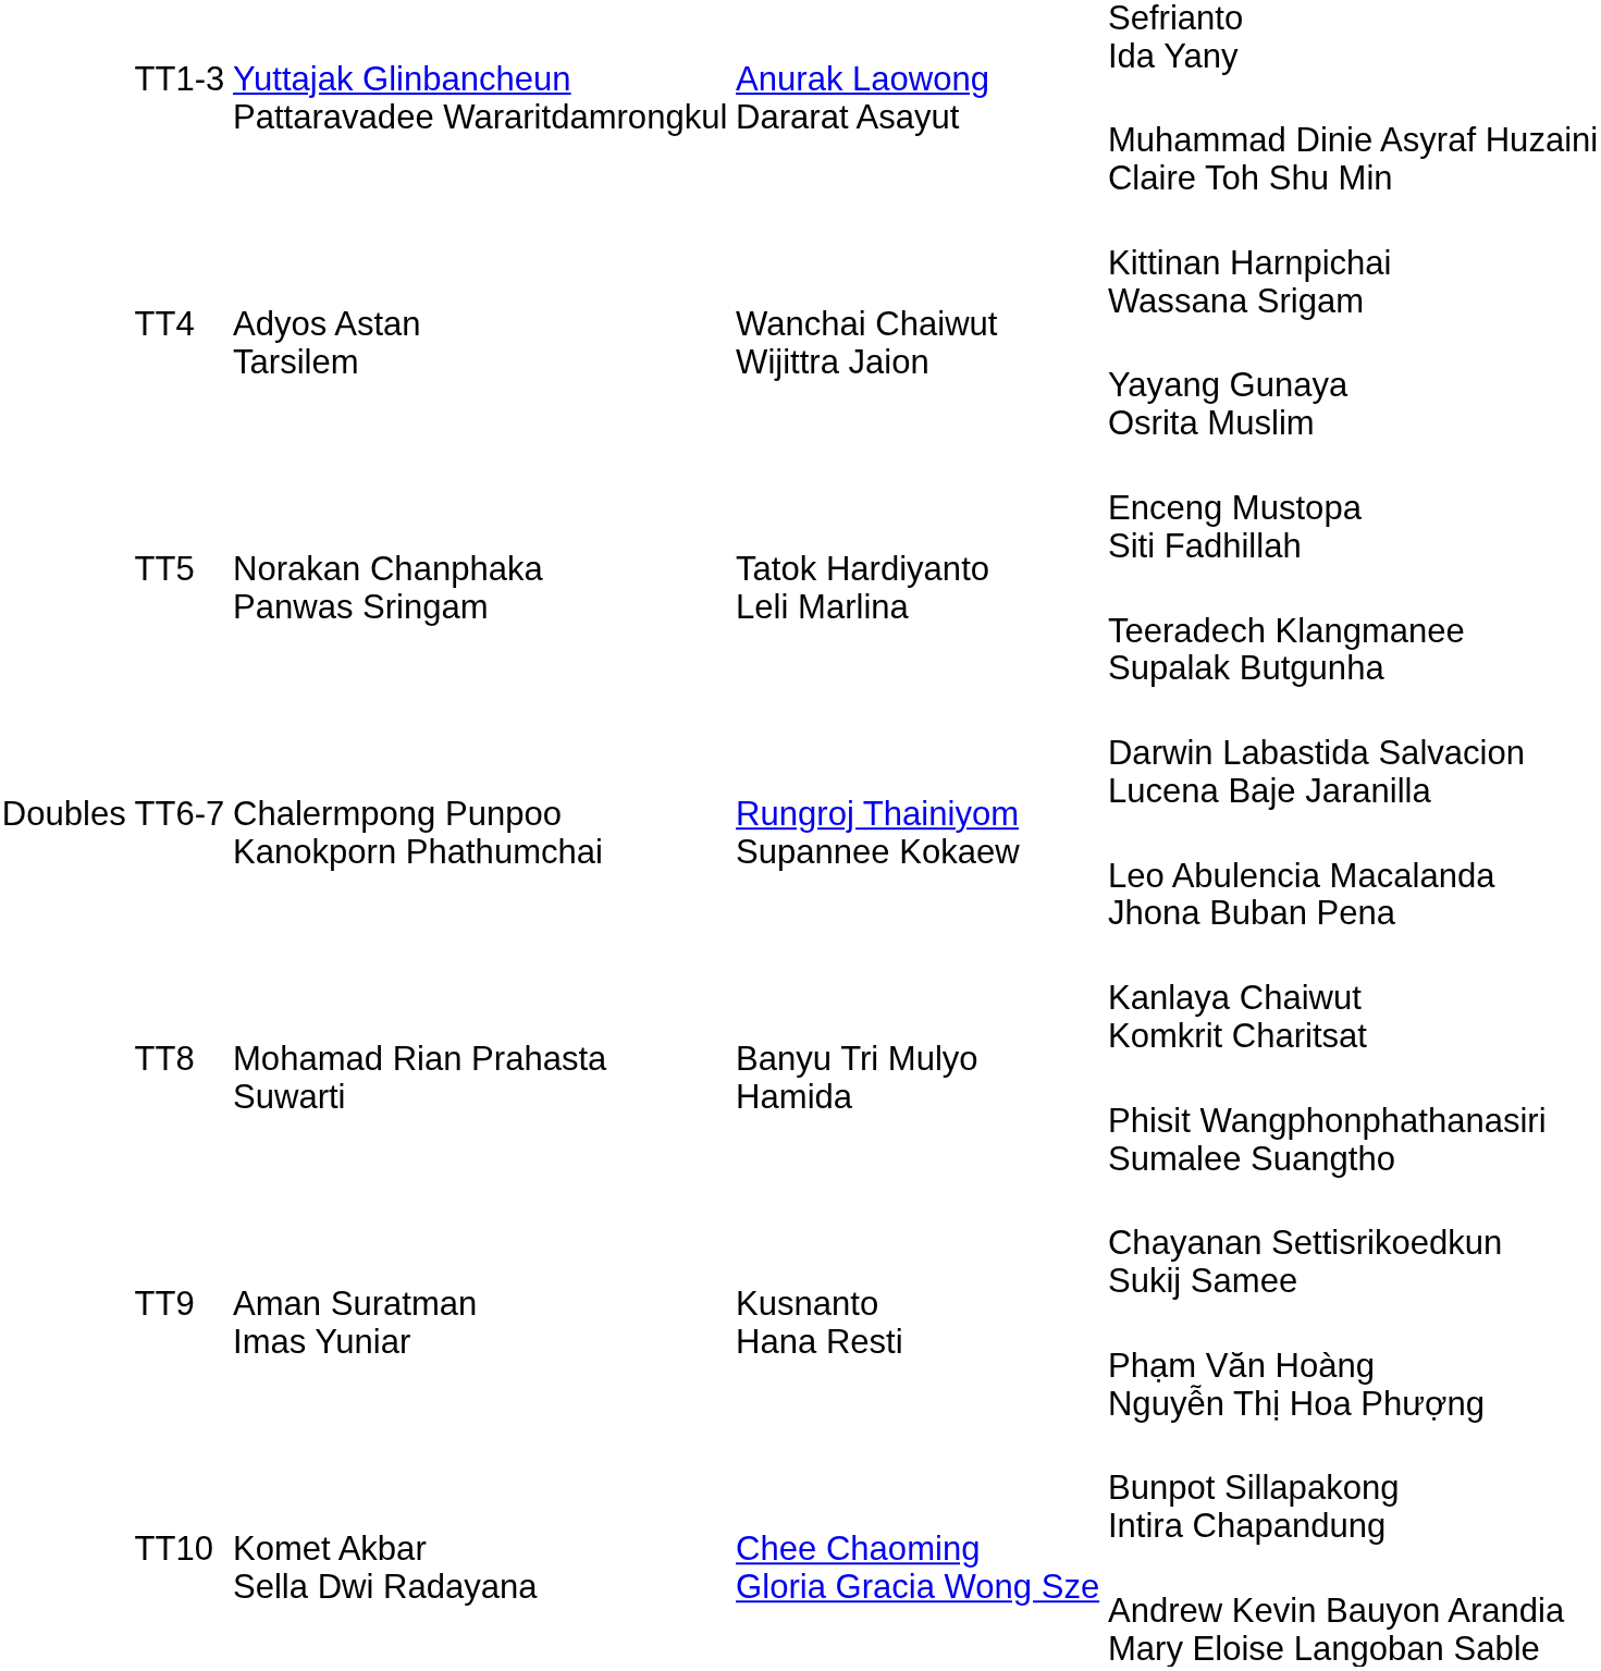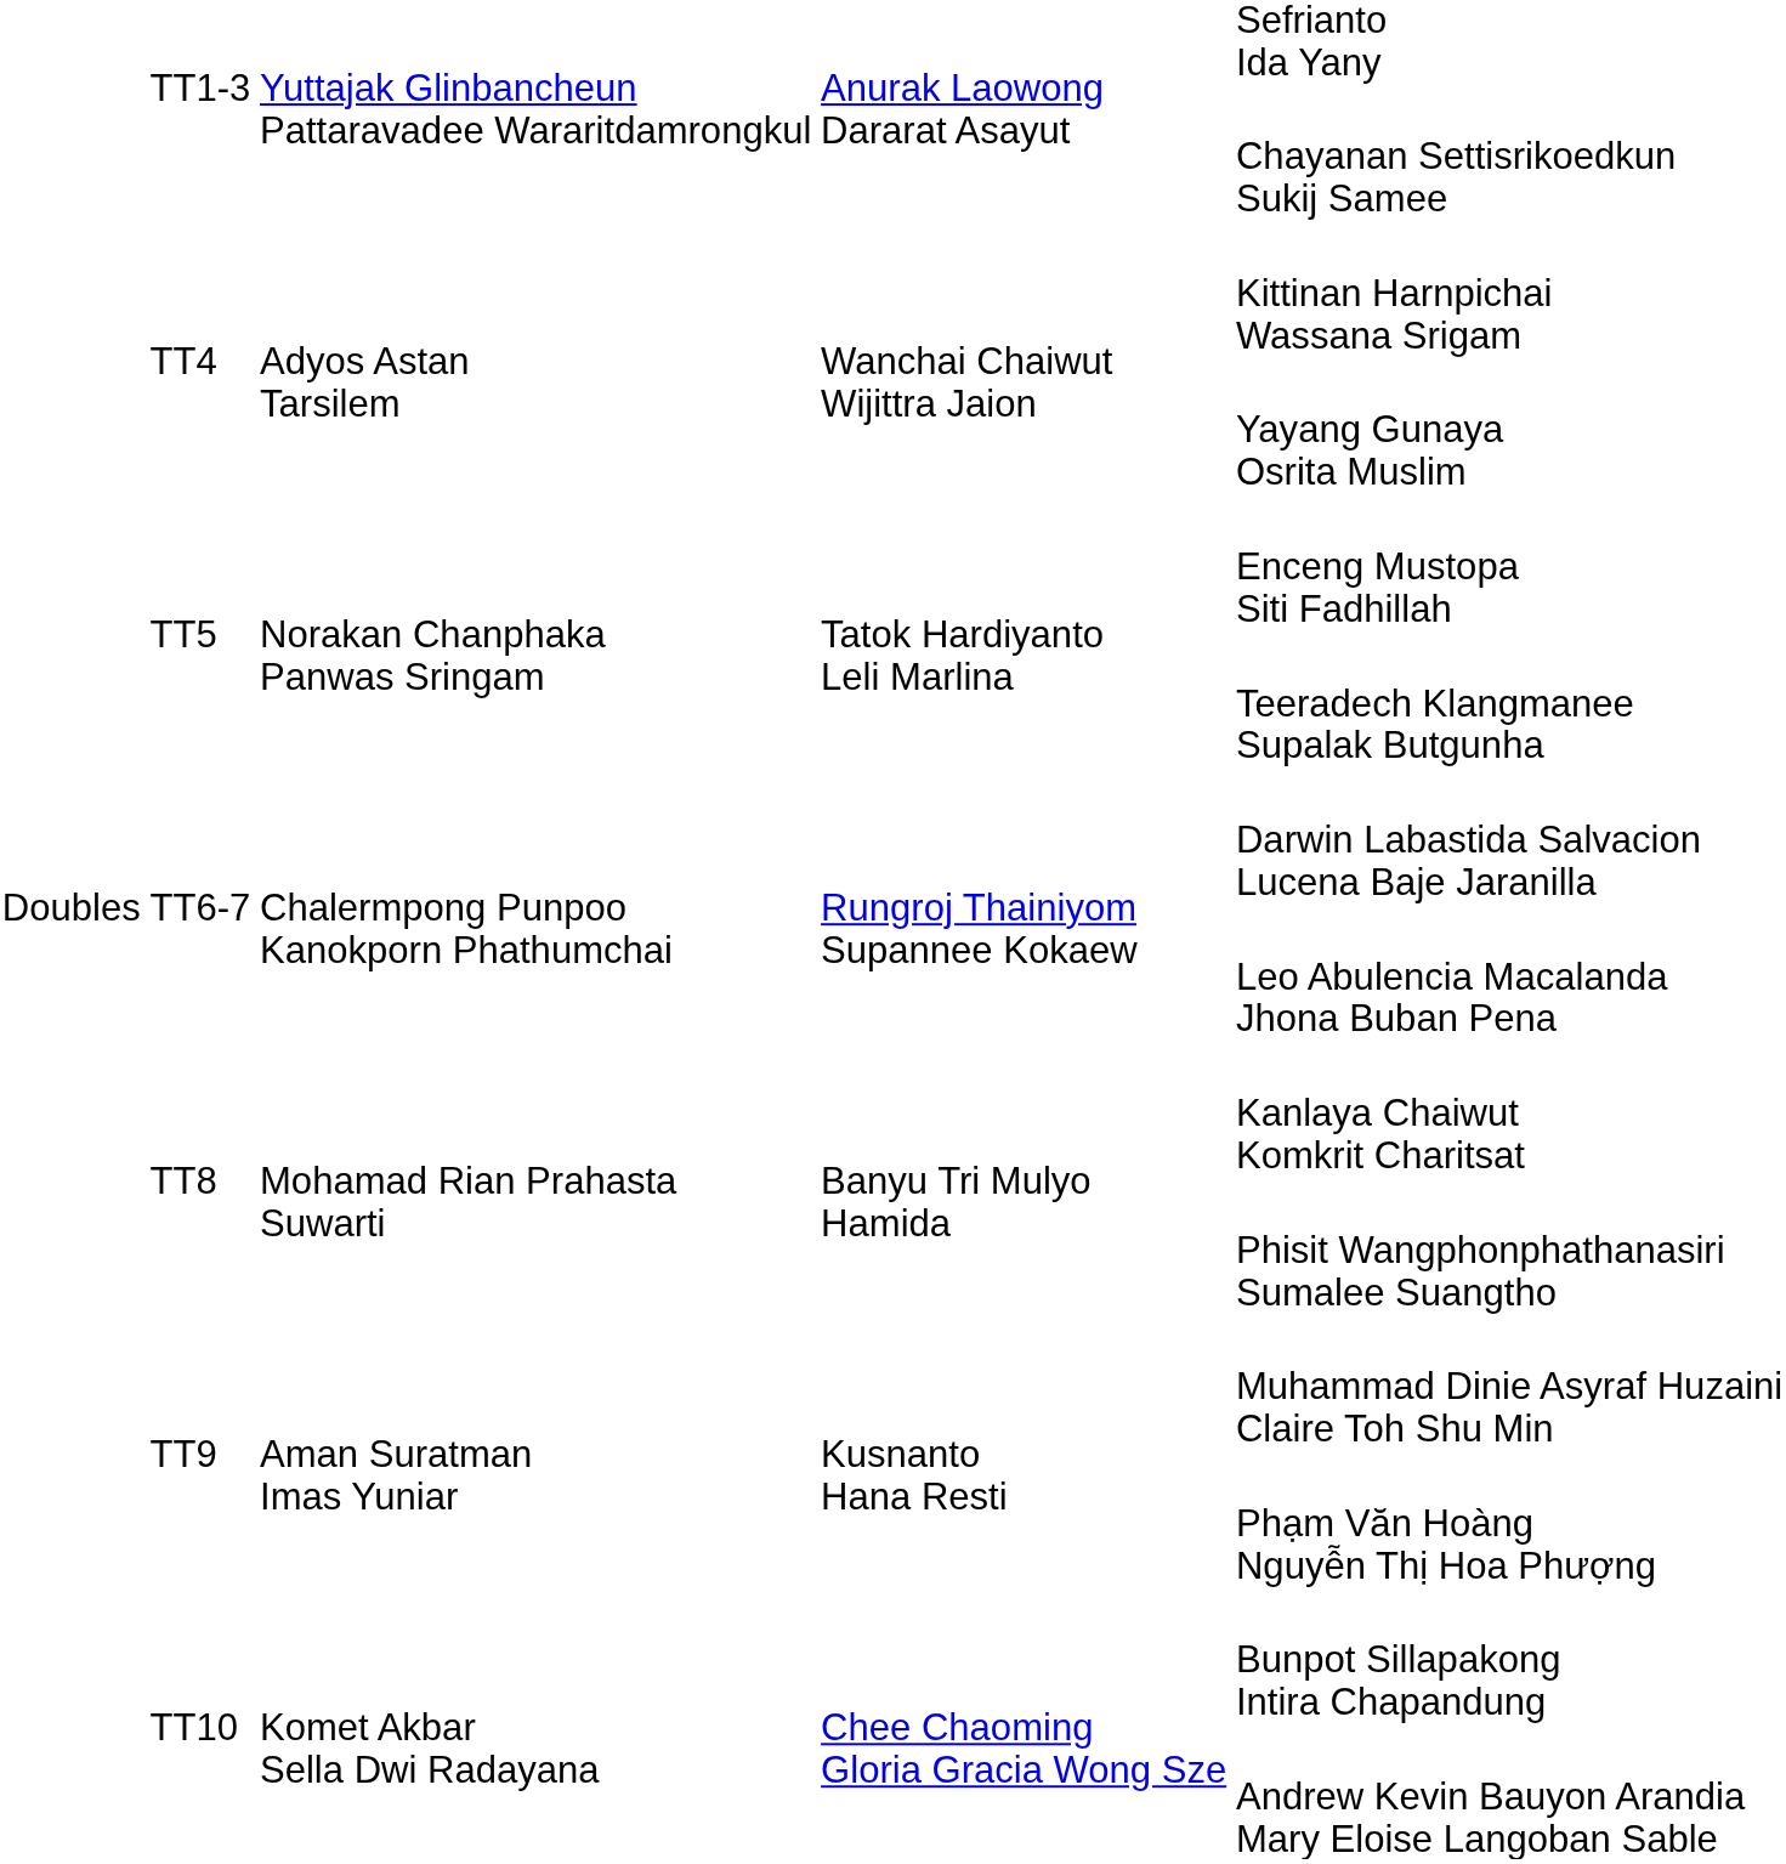 <table>
 <tr>
 <td rowspan="14">Doubles</td>
 <td rowspan=2>TT1-3</td>
 <td rowspan=2 nowrap=true><br><a href='#'>Yuttajak Glinbancheun</a><br>Pattaravadee Wararitdamrongkul</td>
 <td rowspan=2><br><a href='#'>Anurak Laowong</a><br>Dararat Asayut</td>
 <td><br>Sefrianto<br>Ida Yany</td>
 </tr>
 <tr>
-<td nowrap=true><br>Muhammad Dinie Asyraf Huzaini<br>Claire Toh Shu Min</td>
+<td><br>Chayanan Settisrikoedkun<br>Sukij Samee</td>
 </tr>
 <tr>
 <td rowspan=2>TT4</td>
 <td rowspan=2><br>Adyos Astan<br>Tarsilem</td>
 <td rowspan=2><br>Wanchai Chaiwut<br>Wijittra Jaion</td>
 <td><br>Kittinan Harnpichai<br>Wassana Srigam</td>
 </tr>
 <tr>
 <td><br>Yayang Gunaya<br>Osrita Muslim</td>
 </tr>
 <tr>
 <td rowspan=2>TT5</td>
 <td rowspan=2><br>Norakan Chanphaka<br>Panwas Sringam</td>
 <td rowspan=2><br>Tatok Hardiyanto<br>Leli Marlina</td>
 <td><br>Enceng Mustopa<br>Siti Fadhillah</td>
 </tr>
 <tr>
 <td><br>Teeradech Klangmanee<br>Supalak Butgunha</td>
 </tr>
 <tr>
 <td rowspan=2>TT6-7</td>
 <td rowspan=2><br>Chalermpong Punpoo<br>Kanokporn Phathumchai</td>
 <td rowspan=2><br><a href='#'>Rungroj Thainiyom</a><br>Supannee Kokaew</td>
 <td><br>Darwin Labastida Salvacion<br>Lucena Baje Jaranilla</td>
 </tr>
 <tr>
 <td><br>Leo Abulencia Macalanda<br>Jhona Buban Pena</td>
 </tr>
 <tr>
 <td rowspan=2>TT8</td>
 <td rowspan=2><br>Mohamad Rian Prahasta<br>Suwarti</td>
 <td rowspan=2><br>Banyu Tri Mulyo<br>Hamida</td>
 <td><br>Kanlaya Chaiwut<br>Komkrit Charitsat</td>
 </tr>
 <tr>
 <td><br>Phisit Wangphonphathanasiri<br>Sumalee Suangtho</td>
 </tr>
 <tr>
 <td rowspan=2>TT9</td>
 <td rowspan=2><br>Aman Suratman<br>Imas Yuniar</td>
 <td rowspan=2><br>Kusnanto<br>Hana Resti</td>
-<td><br>Chayanan Settisrikoedkun<br>Sukij Samee</td>
+<td nowrap=true><br>Muhammad Dinie Asyraf Huzaini<br>Claire Toh Shu Min</td>
 </tr>
 <tr>
 <td><br>Phạm Văn Hoàng<br>Nguyễn Thị Hoa Phượng</td>
 </tr>
 <tr>
 <td rowspan=2>TT10</td>
 <td rowspan=2><br>Komet Akbar<br>Sella Dwi Radayana</td>
 <td rowspan=2><br><a href='#'>Chee Chaoming</a><br><a href='#'>Gloria Gracia Wong Sze</a></td>
 <td><br>Bunpot Sillapakong<br>Intira Chapandung</td>
 </tr>
 <tr>
 <td><br>Andrew Kevin Bauyon Arandia<br>Mary Eloise Langoban Sable</td>
 </tr>
 </table>
